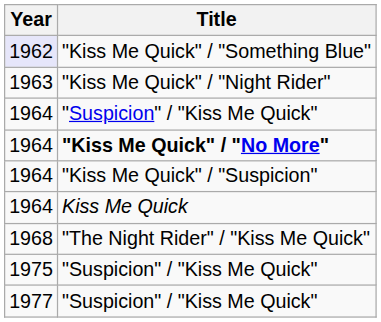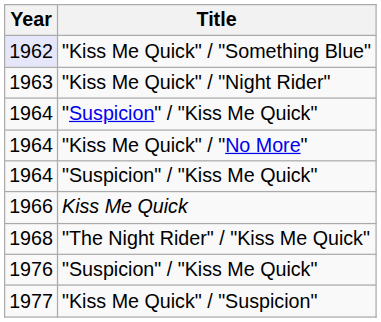 <table class="wikitable">
 <tr>
 <th>Year</th>
 <th>Title</th>
 </tr>
 <tr>
 <td style="background: lavender;">1962</td>
 <td>"Kiss Me Quick" / "Something Blue"</td>
 </tr>
 <tr>
 <td>1963</td>
 <td>"Kiss Me Quick" / "Night Rider"</td>
 </tr>
 <tr>
 <td>1964</td>
 <td>"<a href='#'>Suspicion</a>" / "Kiss Me Quick"</td>
 </tr>
 <tr>
 <td>1964</td>
-<td><strong>"Kiss Me Quick" / "<a href='#'>No More</a>"</strong></td>
+<td>"Kiss Me Quick" / "<a href='#'>No More</a>"</td>
 </tr>
 <tr>
 <td>1964</td>
-<td>"Kiss Me Quick" / "Suspicion"</td>
+<td>"Suspicion" / "Kiss Me Quick"</td>
 </tr>
 <tr>
-<td>1964</td>
+<td>1966</td>
 <td><em>Kiss Me Quick</em></td>
 </tr>
 <tr>
 <td>1968</td>
 <td>"The Night Rider" / "Kiss Me Quick"</td>
 </tr>
 <tr>
-<td>1975</td>
+<td>1976</td>
 <td>"Suspicion" / "Kiss Me Quick"</td>
 </tr>
 <tr>
 <td>1977</td>
-<td>"Suspicion" / "Kiss Me Quick"</td>
+<td>"Kiss Me Quick" / "Suspicion"</td>
 </tr>
 </table>
